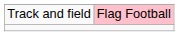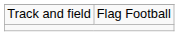 <table class="wikitable" style= " ">
 <tr>
 </tr>
 <tr>
 <td>Track and field</td>
-<td style="background: pink;">Flag Football</td>
+<td>Flag Football</td>
 </tr>
 <tr>
 <td colspan="2"></td>
 </tr>
 </table>
